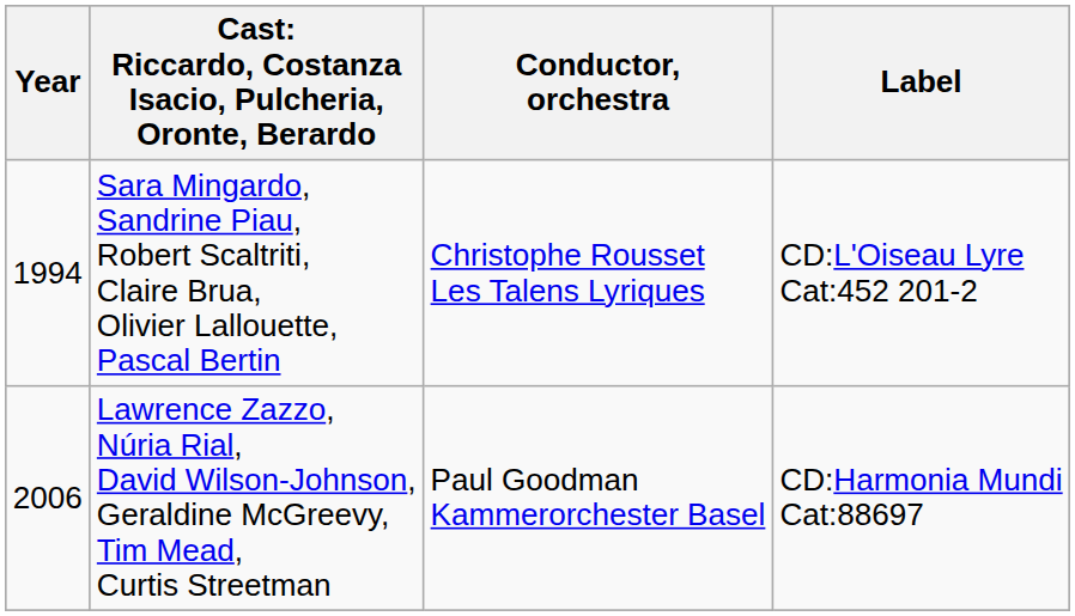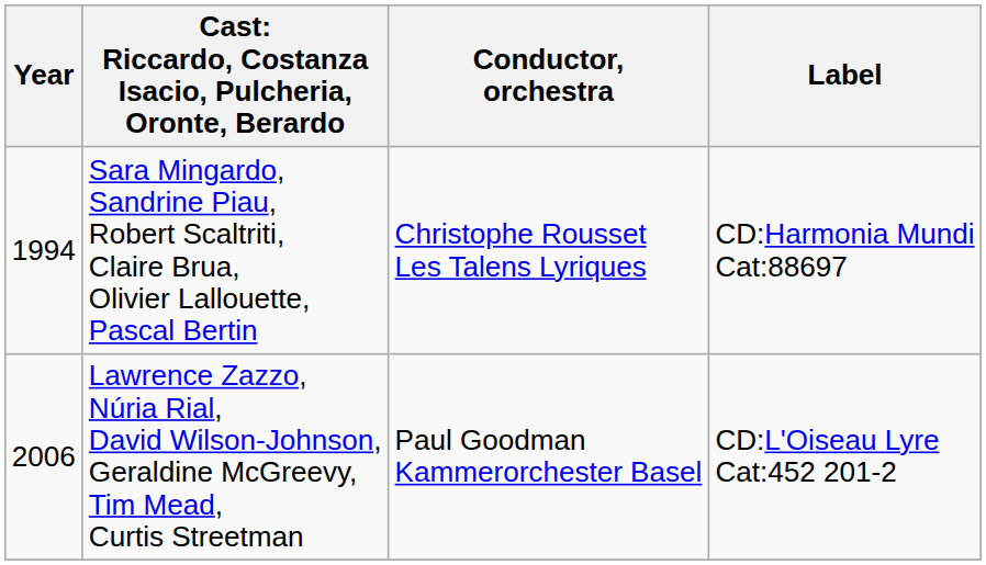 <table class="wikitable">
 <tr>
 <th>Year</th>
 <th>Cast:<br>Riccardo, Costanza <br>Isacio, Pulcheria,<br>Oronte, Berardo</th>
 <th>Conductor,<br>orchestra</th>
 <th>Label</th>
 </tr>
 <tr>
 <td>1994</td>
 <td><a href='#'>Sara Mingardo</a>,<br><a href='#'>Sandrine Piau</a>,<br>Robert Scaltriti,<br>Claire Brua,<br>Olivier Lallouette,<br><a href='#'>Pascal Bertin</a></td>
 <td><a href='#'>Christophe Rousset</a><br><a href='#'>Les Talens Lyriques</a></td>
-<td>CD:<a href='#'>L'Oiseau Lyre</a><br>Cat:452 201-2</td>
+<td>CD:<a href='#'>Harmonia Mundi</a><br>Cat:88697</td>
 </tr>
 <tr>
 <td>2006</td>
 <td><a href='#'>Lawrence Zazzo</a>,<br><a href='#'>Núria Rial</a>,<br> <a href='#'>David Wilson-Johnson</a>,<br>Geraldine McGreevy,<br><a href='#'>Tim Mead</a>,<br>Curtis Streetman</td>
 <td>Paul Goodman<br><a href='#'>Kammerorchester Basel</a></td>
-<td>CD:<a href='#'>Harmonia Mundi</a><br>Cat:88697</td>
+<td>CD:<a href='#'>L'Oiseau Lyre</a><br>Cat:452 201-2</td>
 </tr>
 </table>
